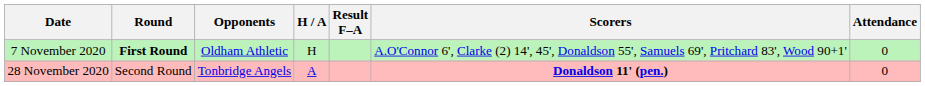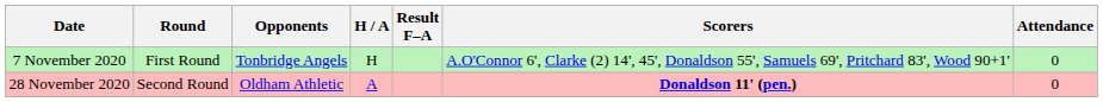 <table class="wikitable" style="text-align:center">
 <tr>
 <th>Date</th>
 <th>Round</th>
 <th>Opponents</th>
 <th>H / A</th>
 <th>Result<br>F–A</th>
 <th>Scorers</th>
 <th>Attendance</th>
 </tr>
 <tr bgcolor="#BBF3BB">
 <td>7 November 2020</td>
-<td><strong>First Round</strong></td>
-<td><a href='#'>Oldham Athletic</a></td>
+<td>First Round</td>
+<td><a href='#'>Tonbridge Angels</a></td>
 <td>H</td>
 <td></td>
 <td><a href='#'>A.O'Connor</a> 6', <a href='#'>Clarke</a> (2) 14', 45', <a href='#'>Donaldson</a> 55', <a href='#'>Samuels</a> 69', <a href='#'>Pritchard</a> 83', <a href='#'>Wood</a> 90+1'</td>
 <td>0</td>
 </tr>
 <tr bgcolor="#FFBBBB">
 <td>28 November 2020</td>
 <td>Second Round</td>
-<td><a href='#'>Tonbridge Angels</a></td>
+<td><a href='#'>Oldham Athletic</a></td>
 <td><a href='#'>A</a></td>
 <td></td>
 <td><strong><a href='#'>Donaldson</a> 11' (<a href='#'>pen.</a>)</strong></td>
 <td>0</td>
 </tr>
 </table>
